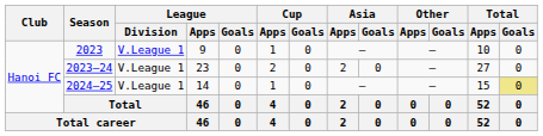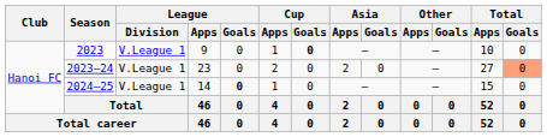 <table class="wikitable" style="text-align: center;">
 <tr>
 <th rowspan="2">Club</th>
 <th rowspan="2">Season</th>
 <th colspan="3">League</th>
 <th colspan="2">Cup</th>
 <th colspan="2">Asia</th>
 <th colspan="2">Other</th>
 <th colspan="2">Total</th>
 </tr>
 <tr>
 <th>Division</th>
 <th>Apps</th>
 <th>Goals</th>
 <th>Apps</th>
 <th>Goals</th>
 <th>Apps</th>
 <th>Goals</th>
 <th>Apps</th>
 <th>Goals</th>
 <th>Apps</th>
 <th>Goals</th>
 </tr>
 <tr>
 <td rowspan=4><a href='#'>Hanoi FC</a></td>
 <td><a href='#'>2023</a></td>
 <td><a href='#'>V.League 1</a></td>
 <td>9</td>
 <td>0</td>
 <td>1</td>
-<td>0</td>
+<td><strong>0</strong></td>
 <td colspan="2">—</td>
 <td colspan="2">—</td>
 <td>10</td>
 <td>0</td>
 </tr>
 <tr>
 <td><a href='#'>2023–24</a></td>
 <td>V.League 1</td>
 <td>23</td>
 <td>0</td>
 <td>2</td>
 <td>0</td>
 <td>2</td>
 <td>0</td>
 <td colspan="2">—</td>
 <td>27</td>
-<td>0</td>
+<td style="background: lightsalmon;">0</td>
 </tr>
 <tr>
 <td><a href='#'>2024–25</a></td>
 <td>V.League 1</td>
 <td>14</td>
-<td>0</td>
+<td><strong>0</strong></td>
 <td>1</td>
 <td>0</td>
 <td colspan="2">—</td>
 <td colspan="2">—</td>
 <td>15</td>
-<td style="background: khaki;">0</td>
+<td>0</td>
 </tr>
 <tr>
 <th colspan=2>Total</th>
 <th>46</th>
 <th>0</th>
 <th>4</th>
 <th>0</th>
 <th>2</th>
 <th>0</th>
 <th>0</th>
 <th>0</th>
 <th>52</th>
 <th>0</th>
 </tr>
 <tr>
 <th colspan=3>Total career</th>
 <th>46</th>
 <th>0</th>
 <th>4</th>
 <th>0</th>
 <th>2</th>
 <th>0</th>
 <th>0</th>
 <th>0</th>
 <th>52</th>
 <th>0</th>
 </tr>
 </table>
